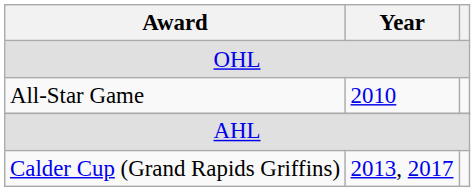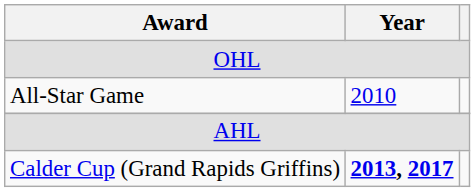 <table class="wikitable">
 <tr>
 <th>Award</th>
 <th>Year</th>
 <th></th>
 </tr>
 <tr ALIGN="center" bgcolor="#e0e0e0">
 <td colspan="3"><a href='#'>OHL</a></td>
 </tr>
 <tr>
 <td>All-Star Game</td>
 <td><a href='#'>2010</a></td>
 <td></td>
 </tr>
 <tr>
 </tr>
 <tr ALIGN="center" bgcolor="#e0e0e0">
 <td colspan="3"><a href='#'>AHL</a></td>
 </tr>
 <tr>
 <td><a href='#'>Calder Cup</a> (Grand Rapids Griffins)</td>
-<td><a href='#'>2013</a>, <a href='#'>2017</a></td>
+<td><strong><a href='#'>2013</a>, <a href='#'>2017</a></strong></td>
 <td></td>
 </tr>
 </table>
